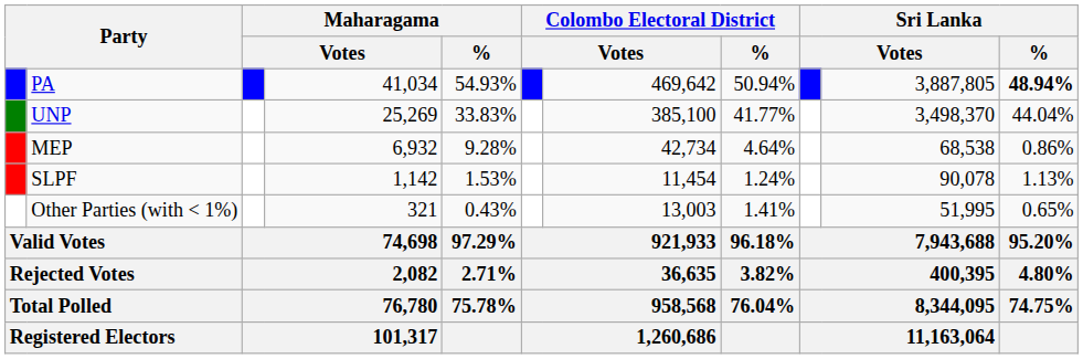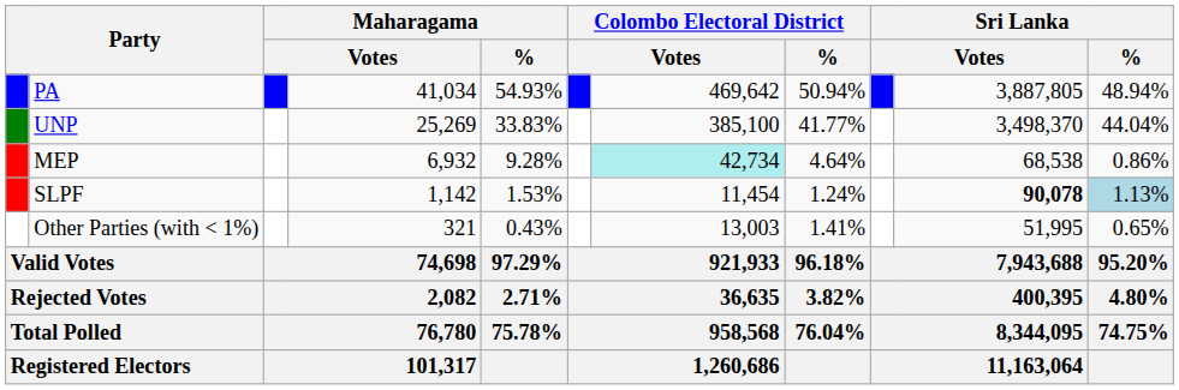 <table class="wikitable">
 <tr>
 <th colspan="2" width="144px"rowspan="2">Party</th>
 <th colspan="3" width="216px">Maharagama</th>
 <th colspan="3" width="216px"><a href='#'>Colombo Electoral District</a></th>
 <th colspan="3" width="216px">Sri Lanka</th>
 </tr>
 <tr>
 <th colspan="2" width="144px">Votes</th>
 <th>%</th>
 <th colspan="2" width="144px">Votes</th>
 <th>%</th>
 <th colspan="2" width="144px">Votes</th>
 <th>%</th>
 </tr>
 <tr>
 <td style="background-color:blue;" width="10px"></td>
 <td style="text-align:left;"><a href='#'>PA</a></td>
 <td style="background-color:blue;" width="10px"></td>
 <td style="text-align:right;">41,034</td>
 <td style="text-align:right;">54.93%</td>
 <td style="background-color:blue;" width="10px"></td>
 <td style="text-align:right;">469,642</td>
 <td style="text-align:right;">50.94%</td>
 <td style="background-color:blue;" width="10px"></td>
 <td style="text-align:right;">3,887,805</td>
-<td style="text-align:right;"><strong>48.94%</strong></td>
+<td style="text-align:right;">48.94%</td>
 </tr>
 <tr>
 <td style="background-color:green;" width="10px"></td>
 <td style="text-align:left;"><a href='#'>UNP</a></td>
 <td style="background-color:white;" width="10px"></td>
 <td style="text-align:right;">25,269</td>
 <td style="text-align:right;">33.83%</td>
 <td style="background-color:white;" width="10px"></td>
 <td style="text-align:right;">385,100</td>
 <td style="text-align:right;">41.77%</td>
 <td style="background-color:white;" width="10px"></td>
 <td style="text-align:right;">3,498,370</td>
 <td style="text-align:right;">44.04%</td>
 </tr>
 <tr>
 <td style="background-color:red;" width="10px"></td>
 <td style="text-align:left;">MEP</td>
 <td style="background-color:white;" width="10px"></td>
 <td style="text-align:right;">6,932</td>
 <td style="text-align:right;">9.28%</td>
 <td style="background-color:white;" width="10px"></td>
-<td style="text-align:right;">42,734</td>
+<td style="background: paleturquoise; text-align:right;">42,734</td>
 <td style="text-align:right;">4.64%</td>
 <td style="background-color:white;" width="10px"></td>
 <td style="text-align:right;">68,538</td>
 <td style="text-align:right;">0.86%</td>
 </tr>
 <tr>
 <td style="background-color:red;" width="10px"></td>
 <td style="text-align:left;">SLPF</td>
 <td style="background-color:white;" width="10px"></td>
 <td style="text-align:right;">1,142</td>
 <td style="text-align:right;">1.53%</td>
 <td style="background-color:white;" width="10px"></td>
 <td style="text-align:right;">11,454</td>
 <td style="text-align:right;">1.24%</td>
 <td style="background-color:white;" width="10px"></td>
-<td style="text-align:right;">90,078</td>
-<td style="text-align:right;">1.13%</td>
+<td style="text-align:right;"><strong>90,078</strong></td>
+<td style="background: lightblue; text-align:right;">1.13%</td>
 </tr>
 <tr>
 <td style="background-color:white;" width="10px"></td>
 <td style="text-align:left;">Other Parties (with < 1%)</td>
 <td style="background-color:white;" width="10px"></td>
 <td style="text-align:right;">321</td>
 <td style="text-align:right;">0.43%</td>
 <td style="background-color:white;" width="10px"></td>
 <td style="text-align:right;">13,003</td>
 <td style="text-align:right;">1.41%</td>
 <td style="background-color:white;" width="10px"></td>
 <td style="text-align:right;">51,995</td>
 <td style="text-align:right;">0.65%</td>
 </tr>
 <tr>
 <th colspan="2" width="144px"style="text-align:left;">Valid Votes</th>
 <th style="text-align:right;"colspan="2" width="144px">74,698</th>
 <th style="text-align:right;">97.29%</th>
 <th style="text-align:right;"colspan="2" width="144px">921,933</th>
 <th style="text-align:right;">96.18%</th>
 <th style="text-align:right;"colspan="2" width="144px">7,943,688</th>
 <th style="text-align:right;">95.20%</th>
 </tr>
 <tr>
 <th colspan="2" width="144px"style="text-align:left;">Rejected Votes</th>
 <th style="text-align:right;"colspan="2" width="144px">2,082</th>
 <th style="text-align:right;">2.71%</th>
 <th style="text-align:right;"colspan="2" width="144px">36,635</th>
 <th style="text-align:right;">3.82%</th>
 <th style="text-align:right;"colspan="2" width="144px">400,395</th>
 <th style="text-align:right;">4.80%</th>
 </tr>
 <tr>
 <th colspan="2" width="144px"style="text-align:left;">Total Polled</th>
 <th style="text-align:right;"colspan="2" width="144px">76,780</th>
 <th style="text-align:right;">75.78%</th>
 <th style="text-align:right;"colspan="2" width="144px">958,568</th>
 <th style="text-align:right;">76.04%</th>
 <th style="text-align:right;"colspan="2" width="144px">8,344,095</th>
 <th style="text-align:right;">74.75%</th>
 </tr>
 <tr>
 <th colspan="2" width="144px"style="text-align:left;">Registered Electors</th>
 <th style="text-align:right;"colspan="2" width="144px">101,317</th>
 <th></th>
 <th style="text-align:right;"colspan="2" width="144px">1,260,686</th>
 <th></th>
 <th style="text-align:right;"colspan="2" width="144px">11,163,064</th>
 <th></th>
 </tr>
 </table>
